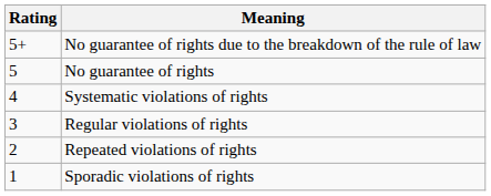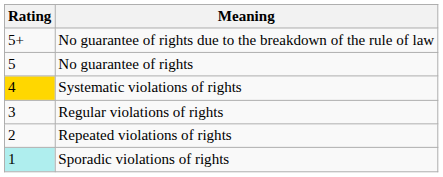 <table class="wikitable">
 <tr>
 <th>Rating</th>
 <th>Meaning</th>
 </tr>
 <tr>
 <td>5+</td>
 <td>No guarantee of rights due to the breakdown of the rule of law</td>
 </tr>
 <tr>
 <td>5</td>
 <td>No guarantee of rights</td>
 </tr>
 <tr>
-<td>4</td>
+<td style="background: gold;">4</td>
 <td>Systematic violations of rights</td>
 </tr>
 <tr>
 <td>3</td>
 <td>Regular violations of rights</td>
 </tr>
 <tr>
 <td>2</td>
 <td>Repeated violations of rights</td>
 </tr>
 <tr>
-<td>1</td>
+<td style="background: paleturquoise;">1</td>
 <td>Sporadic violations of rights</td>
 </tr>
 </table>
